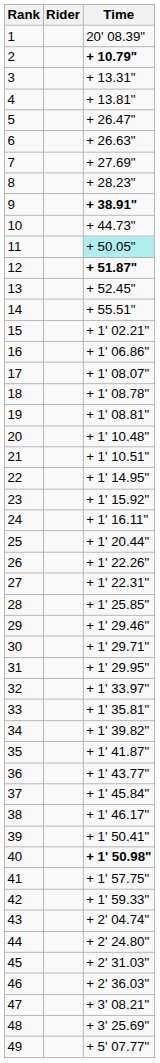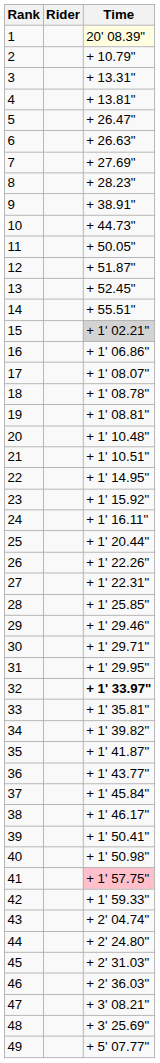 <table class="wikitable">
 <tr>
 <th>Rank</th>
 <th>Rider</th>
 <th>Time</th>
 </tr>
 <tr>
 <td>1</td>
 <td></td>
-<td>20' 08.39"</td>
+<td style="background: lightyellow;">20' 08.39"</td>
 </tr>
 <tr>
 <td>2</td>
 <td></td>
-<td><strong>+ 10.79"</strong></td>
+<td>+ 10.79"</td>
 </tr>
 <tr>
 <td>3</td>
 <td></td>
 <td>+ 13.31"</td>
 </tr>
 <tr>
 <td>4</td>
 <td></td>
 <td>+ 13.81"</td>
 </tr>
 <tr>
 <td>5</td>
 <td></td>
 <td>+ 26.47"</td>
 </tr>
 <tr>
 <td>6</td>
 <td></td>
 <td>+ 26.63"</td>
 </tr>
 <tr>
 <td>7</td>
 <td></td>
 <td>+ 27.69"</td>
 </tr>
 <tr>
 <td>8</td>
 <td></td>
 <td>+ 28.23"</td>
 </tr>
 <tr>
 <td>9</td>
 <td></td>
-<td><strong>+ 38.91"</strong></td>
+<td>+ 38.91"</td>
 </tr>
 <tr>
 <td>10</td>
 <td></td>
 <td>+ 44.73"</td>
 </tr>
 <tr>
 <td>11</td>
 <td></td>
-<td style="background: paleturquoise;">+ 50.05"</td>
+<td>+ 50.05"</td>
 </tr>
 <tr>
 <td>12</td>
 <td></td>
-<td><strong>+ 51.87"</strong></td>
+<td>+ 51.87"</td>
 </tr>
 <tr>
 <td>13</td>
 <td></td>
 <td>+ 52.45"</td>
 </tr>
 <tr>
 <td>14</td>
 <td></td>
 <td>+ 55.51"</td>
 </tr>
 <tr>
 <td>15</td>
 <td></td>
-<td>+ 1' 02.21"</td>
+<td style="background: lightgrey;">+ 1' 02.21"</td>
 </tr>
 <tr>
 <td>16</td>
 <td></td>
 <td>+ 1' 06.86"</td>
 </tr>
 <tr>
 <td>17</td>
 <td></td>
 <td>+ 1' 08.07"</td>
 </tr>
 <tr>
 <td>18</td>
 <td></td>
 <td>+ 1' 08.78"</td>
 </tr>
 <tr>
 <td>19</td>
 <td></td>
 <td>+ 1' 08.81"</td>
 </tr>
 <tr>
 <td>20</td>
 <td></td>
 <td>+ 1' 10.48"</td>
 </tr>
 <tr>
 <td>21</td>
 <td></td>
 <td>+ 1' 10.51"</td>
 </tr>
 <tr>
 <td>22</td>
 <td></td>
 <td>+ 1' 14.95"</td>
 </tr>
 <tr>
 <td>23</td>
 <td></td>
 <td>+ 1' 15.92"</td>
 </tr>
 <tr>
 <td>24</td>
 <td></td>
 <td>+ 1' 16.11"</td>
 </tr>
 <tr>
 <td>25</td>
 <td></td>
 <td>+ 1' 20.44"</td>
 </tr>
 <tr>
 <td>26</td>
 <td></td>
 <td>+ 1' 22.26"</td>
 </tr>
 <tr>
 <td>27</td>
 <td></td>
 <td>+ 1' 22.31"</td>
 </tr>
 <tr>
 <td>28</td>
 <td></td>
 <td>+ 1' 25.85"</td>
 </tr>
 <tr>
 <td>29</td>
 <td></td>
 <td>+ 1' 29.46"</td>
 </tr>
 <tr>
 <td>30</td>
 <td></td>
 <td>+ 1' 29.71"</td>
 </tr>
 <tr>
 <td>31</td>
 <td></td>
 <td>+ 1' 29.95"</td>
 </tr>
 <tr>
 <td>32</td>
 <td></td>
-<td>+ 1' 33.97"</td>
+<td><strong>+ 1' 33.97"</strong></td>
 </tr>
 <tr>
 <td>33</td>
 <td></td>
 <td>+ 1' 35.81"</td>
 </tr>
 <tr>
 <td>34</td>
 <td></td>
 <td>+ 1' 39.82"</td>
 </tr>
 <tr>
 <td>35</td>
 <td></td>
 <td>+ 1' 41.87"</td>
 </tr>
 <tr>
 <td>36</td>
 <td></td>
 <td>+ 1' 43.77"</td>
 </tr>
 <tr>
 <td>37</td>
 <td></td>
 <td>+ 1' 45.84"</td>
 </tr>
 <tr>
 <td>38</td>
 <td></td>
 <td>+ 1' 46.17"</td>
 </tr>
 <tr>
 <td>39</td>
 <td></td>
 <td>+ 1' 50.41"</td>
 </tr>
 <tr>
 <td>40</td>
 <td></td>
-<td><strong>+ 1' 50.98"</strong></td>
+<td>+ 1' 50.98"</td>
 </tr>
 <tr>
 <td>41</td>
 <td></td>
-<td>+ 1' 57.75"</td>
+<td style="background: pink;">+ 1' 57.75"</td>
 </tr>
 <tr>
 <td>42</td>
 <td></td>
 <td>+ 1' 59.33"</td>
 </tr>
 <tr>
 <td>43</td>
 <td></td>
 <td>+ 2' 04.74"</td>
 </tr>
 <tr>
 <td>44</td>
 <td></td>
 <td>+ 2' 24.80"</td>
 </tr>
 <tr>
 <td>45</td>
 <td></td>
 <td>+ 2' 31.03"</td>
 </tr>
 <tr>
 <td>46</td>
 <td></td>
 <td>+ 2' 36.03"</td>
 </tr>
 <tr>
 <td>47</td>
 <td></td>
 <td>+ 3' 08.21"</td>
 </tr>
 <tr>
 <td>48</td>
 <td></td>
 <td>+ 3' 25.69"</td>
 </tr>
 <tr>
 <td>49</td>
 <td></td>
 <td>+ 5' 07.77"</td>
 </tr>
 </table>
